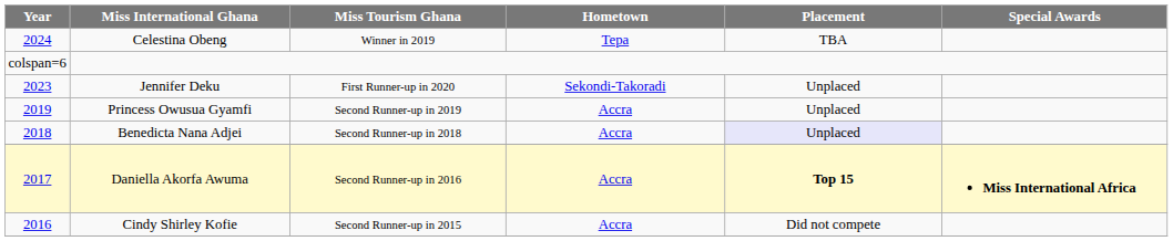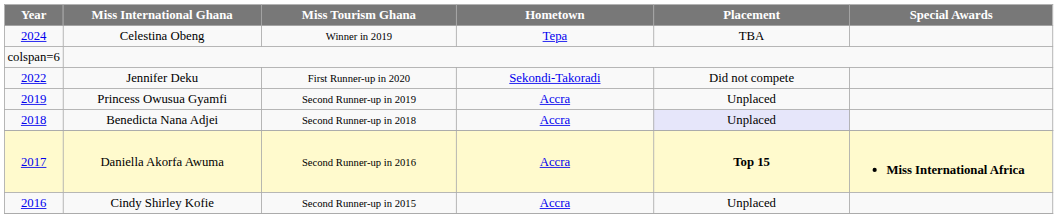 <table class="wikitable sortable" style="font-size: 95%; text-align:center">
 <tr>
 <th width="60" style="background-color:#787878;color:#FFFFFF;">Year</th>
 <th width="250" style="background-color:#787878;color:#FFFFFF;">Miss International Ghana</th>
 <th width="250" style="background-color:#787878;color:#FFFFFF;">Miss Tourism Ghana</th>
 <th width="250" style="background-color:#787878;color:#FFFFFF;">Hometown</th>
 <th width="250" style="background-color:#787878;color:#FFFFFF;">Placement</th>
 <th width="250" style="background-color:#787878;color:#FFFFFF;">Special Awards</th>
 </tr>
 <tr>
 <td><a href='#'>2024</a></td>
 <td>Celestina Obeng</td>
 <td><small>Winner in 2019</small></td>
 <td><a href='#'>Tepa</a></td>
 <td>TBA</td>
 <td></td>
 </tr>
 <tr>
 <td>colspan=6 </td>
 </tr>
 <tr>
-<td><a href='#'>2023</a></td>
+<td><a href='#'>2022</a></td>
 <td>Jennifer Deku</td>
 <td><small>First Runner-up in 2020</small></td>
 <td><a href='#'>Sekondi-Takoradi</a></td>
-<td>Unplaced</td>
+<td>Did not compete</td>
 <td></td>
 </tr>
 <tr>
 <td><a href='#'>2019</a></td>
 <td>Princess Owusua Gyamfi</td>
 <td><small>Second Runner-up in 2019</small></td>
 <td><a href='#'>Accra</a></td>
 <td>Unplaced</td>
 <td></td>
 </tr>
 <tr>
 <td><a href='#'>2018</a></td>
 <td>Benedicta Nana Adjei</td>
 <td><small>Second Runner-up in 2018</small></td>
 <td><a href='#'>Accra</a></td>
 <td style="background: lavender;">Unplaced</td>
 <td></td>
 </tr>
 <tr>
 </tr>
 <tr style="background-color:#FFFACD;">
 <td><a href='#'>2017</a></td>
 <td>Daniella Akorfa Awuma</td>
 <td><small>Second Runner-up in 2016</small></td>
 <td><a href='#'>Accra</a></td>
 <td><strong>Top 15</strong></td>
 <td align="left"><br><ul><li><strong>Miss International Africa</strong></li></ul></td>
 </tr>
 <tr>
 <td><a href='#'>2016</a></td>
 <td>Cindy Shirley Kofie</td>
 <td><small>Second Runner-up in 2015</small></td>
 <td><a href='#'>Accra</a></td>
-<td>Did not compete</td>
+<td>Unplaced</td>
 <td></td>
 </tr>
 <tr>
 </tr>
 </table>
